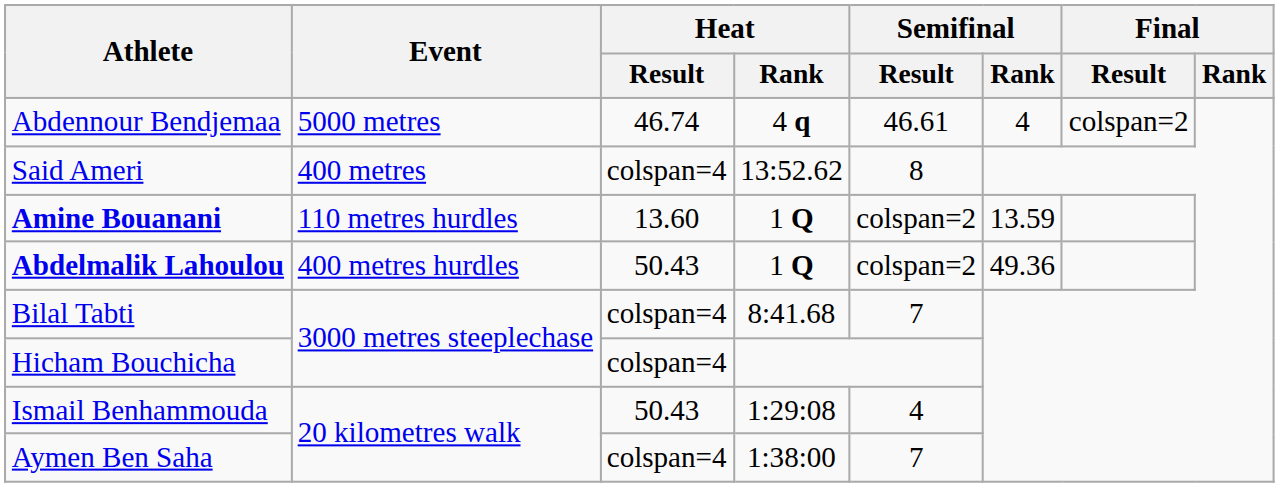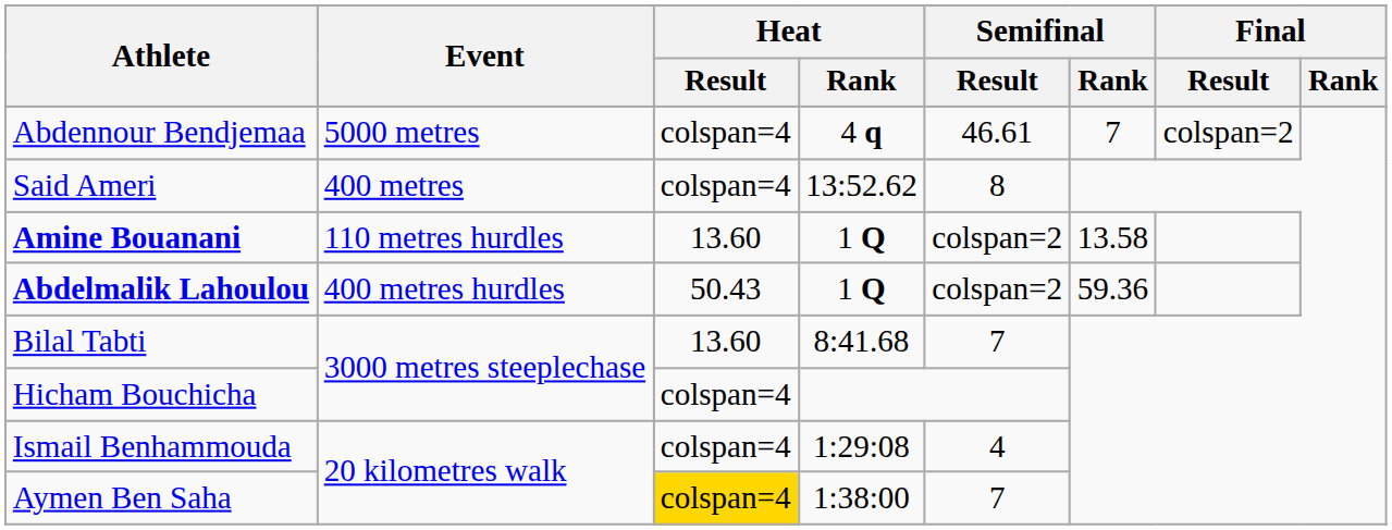 <table class="wikitable" style="font-size:90%">
 <tr>
 <th rowspan="2">Athlete</th>
 <th rowspan="2">Event</th>
 <th colspan="2">Heat</th>
 <th colspan="2">Semifinal</th>
 <th colspan="2">Final</th>
 </tr>
 <tr style="font-size:95%">
 <th>Result</th>
 <th>Rank</th>
 <th>Result</th>
 <th>Rank</th>
 <th>Result</th>
 <th>Rank</th>
 </tr>
 <tr align=center>
 <td align=left><a href='#'>Abdennour Bendjemaa</a></td>
 <td align=left><a href='#'>5000 metres</a></td>
-<td>46.74</td>
+<td>colspan=4 </td>
 <td>4 <strong>q</strong></td>
 <td>46.61</td>
-<td>4</td>
+<td>7</td>
 <td>colspan=2 </td>
 </tr>
 <tr align=center>
 <td align=left><a href='#'>Said Ameri</a></td>
 <td align=left><a href='#'>400 metres</a></td>
 <td>colspan=4 </td>
 <td>13:52.62</td>
 <td>8</td>
 </tr>
 <tr align=center>
 <td align=left><strong><a href='#'>Amine Bouanani</a></strong></td>
 <td align=left><a href='#'>110 metres hurdles</a></td>
 <td>13.60</td>
 <td>1 <strong>Q</strong></td>
 <td>colspan=2 </td>
-<td>13.59</td>
+<td>13.58</td>
 <td></td>
 </tr>
 <tr align=center>
 <td align=left><strong><a href='#'>Abdelmalik Lahoulou</a></strong></td>
 <td align=left><a href='#'>400 metres hurdles</a></td>
 <td>50.43</td>
 <td>1 <strong>Q</strong></td>
 <td>colspan=2 </td>
-<td>49.36</td>
+<td>59.36</td>
 <td></td>
 </tr>
 <tr align=center>
 <td align=left><a href='#'>Bilal Tabti</a></td>
 <td align=left rowspan=2><a href='#'>3000 metres steeplechase</a></td>
-<td>colspan=4 </td>
+<td>13.60</td>
 <td>8:41.68</td>
 <td>7</td>
 </tr>
 <tr align=center>
 <td align=left><a href='#'>Hicham Bouchicha</a></td>
 <td>colspan=4 </td>
 <td colspan=2></td>
 </tr>
 <tr align=center>
 <td align=left><a href='#'>Ismail Benhammouda</a></td>
 <td align=left rowspan=2><a href='#'>20 kilometres walk</a></td>
-<td>50.43</td>
+<td>colspan=4 </td>
 <td>1:29:08</td>
 <td>4</td>
 </tr>
 <tr align=center>
 <td align=left><a href='#'>Aymen Ben Saha</a></td>
-<td>colspan=4 </td>
+<td style="background: gold;">colspan=4 </td>
 <td>1:38:00</td>
 <td>7</td>
 </tr>
 </table>
